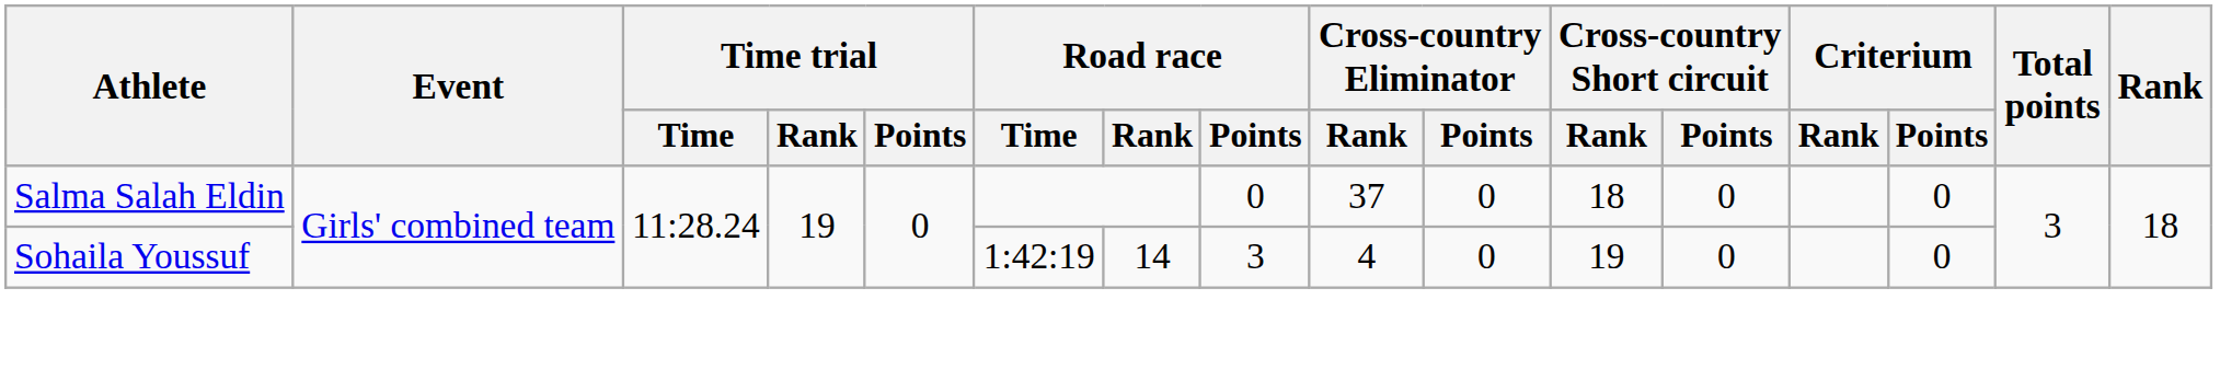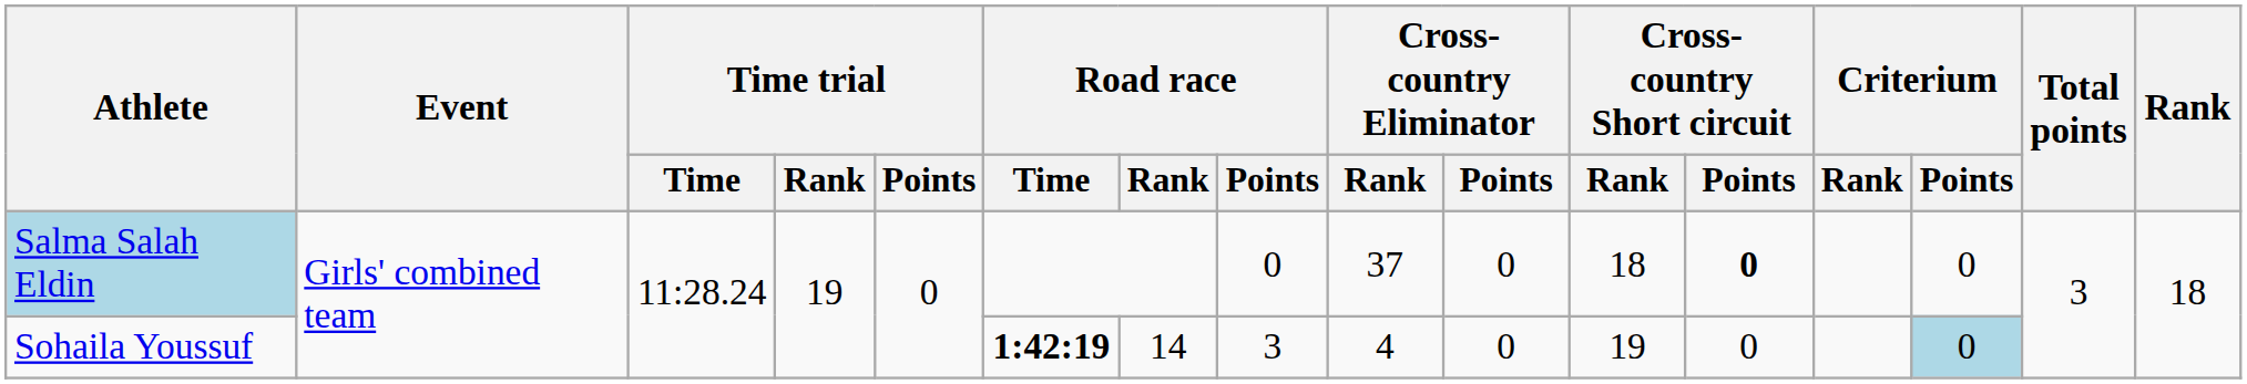 <table class="wikitable" style="font-size:90%;">
 <tr>
 <th rowspan=2>Athlete</th>
 <th rowspan=2>Event</th>
 <th colspan=3>Time trial</th>
 <th colspan=3>Road race</th>
 <th colspan=2>Cross-country<br>Eliminator</th>
 <th colspan=2>Cross-country<br>Short circuit</th>
 <th colspan=2>Criterium</th>
 <th rowspan=2>Total<br>points</th>
 <th rowspan=2>Rank</th>
 </tr>
 <tr style="font-size:95%">
 <th>Time</th>
 <th>Rank</th>
 <th>Points</th>
 <th>Time</th>
 <th>Rank</th>
 <th>Points</th>
 <th>Rank</th>
 <th>Points</th>
 <th>Rank</th>
 <th>Points</th>
 <th>Rank</th>
 <th>Points</th>
 </tr>
 <tr align=center>
-<td align=left><a href='#'>Salma Salah Eldin</a></td>
+<td align=left style="background: lightblue;"><a href='#'>Salma Salah Eldin</a></td>
 <td rowspan=2 align=left><a href='#'>Girls' combined team</a></td>
 <td rowspan=2>11:28.24</td>
 <td rowspan=2>19</td>
 <td rowspan=2>0</td>
 <td colspan=2></td>
 <td>0</td>
 <td>37</td>
 <td>0</td>
 <td>18</td>
-<td>0</td>
+<td><strong>0</strong></td>
 <td></td>
 <td>0</td>
 <td rowspan=2>3</td>
 <td rowspan=2>18</td>
 </tr>
 <tr align=center>
 <td align=left><a href='#'>Sohaila Youssuf</a></td>
-<td>1:42:19</td>
+<td><strong>1:42:19</strong></td>
 <td>14</td>
 <td>3</td>
 <td>4</td>
 <td>0</td>
 <td>19</td>
 <td>0</td>
 <td></td>
-<td>0</td>
+<td style="background: lightblue;">0</td>
 </tr>
 </table>
